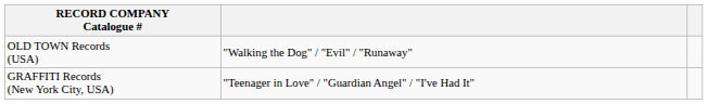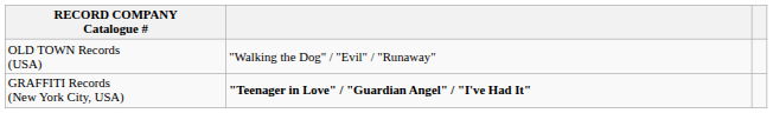 <table class="wikitable" style="width:60em">
 <tr>
 <th>RECORD COMPANY<br>Catalogue #</th>
 <th></th>
 <th></th>
 </tr>
 <tr>
 <td valign=top>OLD TOWN Records<br>(USA)</td>
 <td>"Walking the Dog" / "Evil" / "Runaway"</td>
 <td valign=top> </td>
 </tr>
 <tr>
 <td valign=top>GRAFFITI Records<br>(New York City, USA)</td>
-<td>"Teenager in Love" / "Guardian Angel" / "I've Had It"</td>
+<td><strong>"Teenager in Love" / "Guardian Angel" / "I've Had It"</strong></td>
 </tr>
 </table>
